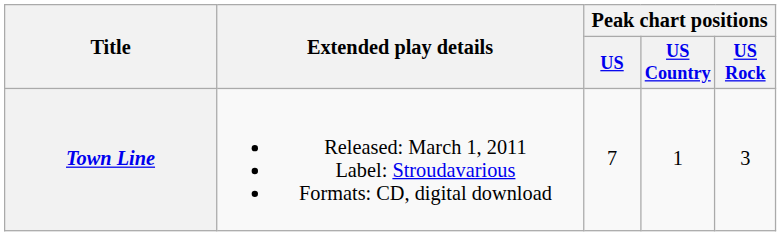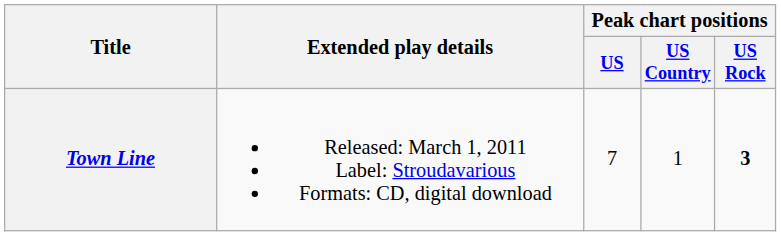 <table class="wikitable plainrowheaders" style="text-align:center;">
 <tr>
 <th scope="col" rowspan="2" style="width:12em;">Title</th>
 <th scope="col" rowspan="2" style="width:20em;">Extended play details</th>
 <th scope="col" colspan="3">Peak chart positions</th>
 </tr>
 <tr>
 <th scope="col" style="width:3em;font-size:90%;"><a href='#'>US</a><br></th>
 <th scope="col" style="width:3em;font-size:90%;"><a href='#'>US<br>Country</a><br></th>
 <th scope="col" style="width:3em;font-size:90%;"><a href='#'>US<br>Rock</a><br></th>
 </tr>
 <tr>
 <th scope="row"><em><a href='#'>Town Line</a></em></th>
 <td><br><ul><li>Released: March 1, 2011</li><li>Label: <a href='#'>Stroudavarious</a></li><li>Formats: CD, digital download</li></ul></td>
 <td>7</td>
 <td>1</td>
-<td>3</td>
+<td><strong>3</strong></td>
 </tr>
 </table>
